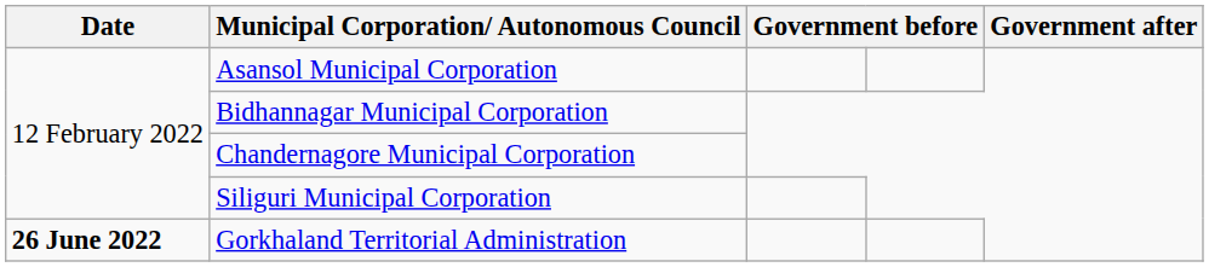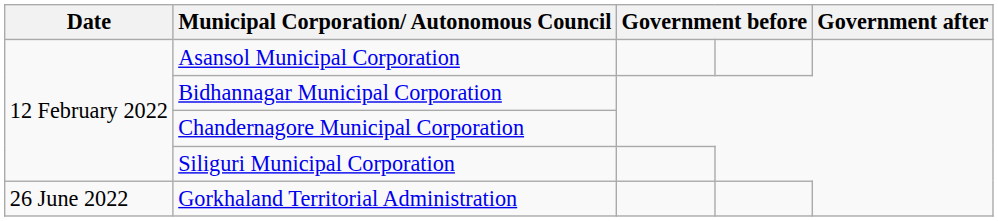 <table class="wikitable sortable">
 <tr>
 <th>Date</th>
 <th>Municipal Corporation/ Autonomous Council</th>
 <th colspan="2">Government before</th>
 <th colspan="2">Government after</th>
 </tr>
 <tr>
 <td rowspan="4">12 February 2022</td>
 <td><a href='#'>Asansol Municipal Corporation</a></td>
 <td></td>
 <td></td>
 </tr>
 <tr>
 <td><a href='#'>Bidhannagar Municipal Corporation</a></td>
 </tr>
 <tr>
 <td><a href='#'>Chandernagore Municipal Corporation</a></td>
 </tr>
 <tr>
 <td><a href='#'>Siliguri Municipal Corporation</a></td>
 <td></td>
 </tr>
 <tr>
-<td><strong>26 June 2022</strong></td>
+<td>26 June 2022</td>
 <td><a href='#'>Gorkhaland Territorial Administration</a></td>
 <td></td>
 <td></td>
 </tr>
 </table>
